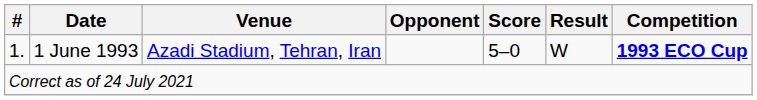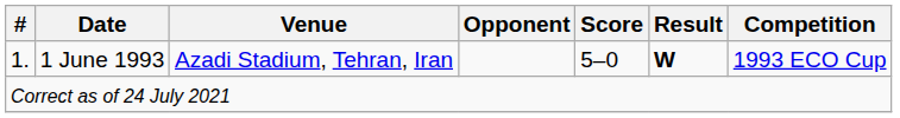 <table class="wikitable" style="font-size:95%;">
 <tr>
 <th>#</th>
 <th>Date</th>
 <th>Venue</th>
 <th>Opponent</th>
 <th>Score</th>
 <th>Result</th>
 <th>Competition</th>
 </tr>
 <tr>
 <td>1.</td>
 <td>1 June 1993</td>
 <td><a href='#'>Azadi Stadium</a>, <a href='#'>Tehran</a>, <a href='#'>Iran</a></td>
 <td></td>
 <td>5–0</td>
-<td>W</td>
-<td><strong><a href='#'>1993 ECO Cup</a></strong></td>
+<td><strong>W</strong></td>
+<td><a href='#'>1993 ECO Cup</a></td>
 </tr>
 <tr>
 <td colspan=18><small><em>Correct as of 24 July 2021</em></small></td>
 </tr>
 <tr>
 </tr>
 </table>
